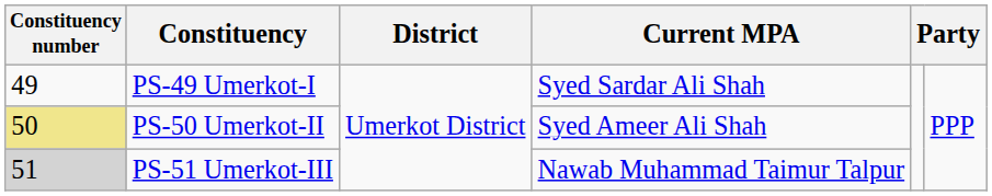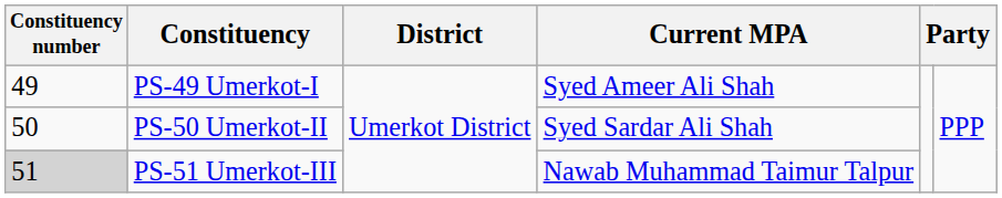 <table class="wikitable">
 <tr>
 <th width="50px" style="font-size:75%">Constituency number</th>
 <th>Constituency</th>
 <th>District</th>
 <th>Current MPA</th>
 <th colspan="2">Party</th>
 </tr>
 <tr>
 <td>49</td>
 <td><a href='#'>PS-49 Umerkot-I</a></td>
 <td rowspan="3"><a href='#'>Umerkot District</a></td>
-<td><a href='#'>Syed Sardar Ali Shah</a></td>
+<td><a href='#'>Syed Ameer Ali Shah</a></td>
 <td rowspan="3"></td>
 <td rowspan="3"><a href='#'>PPP</a></td>
 </tr>
 <tr>
-<td style="background: khaki;">50</td>
+<td>50</td>
 <td><a href='#'>PS-50 Umerkot-II</a></td>
-<td><a href='#'>Syed Ameer Ali Shah</a></td>
+<td><a href='#'>Syed Sardar Ali Shah</a></td>
 </tr>
 <tr>
 <td style="background: lightgrey;">51</td>
 <td><a href='#'>PS-51 Umerkot-III</a></td>
 <td><a href='#'>Nawab Muhammad Taimur Talpur</a></td>
 </tr>
 </table>
